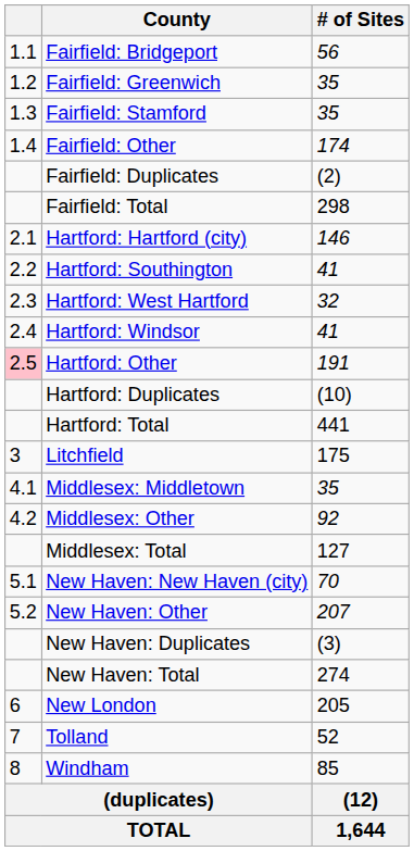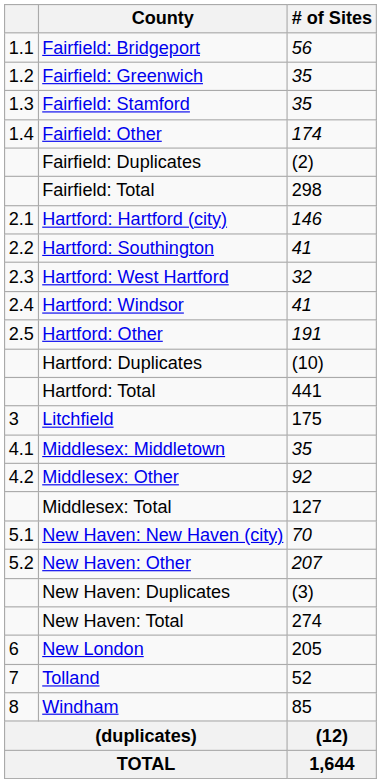 <table class="wikitable sortable">
 <tr>
 <th></th>
 <th><strong>County</strong></th>
 <th><strong># of Sites</strong></th>
 </tr>
 <tr ->
 <td>1.1</td>
 <td><a href='#'>Fairfield: Bridgeport</a></td>
 <td><em>56</em></td>
 </tr>
 <tr ->
 <td>1.2</td>
 <td><a href='#'>Fairfield: Greenwich</a></td>
 <td><em>35</em></td>
 </tr>
 <tr ->
 <td>1.3</td>
 <td><a href='#'>Fairfield: Stamford</a></td>
 <td><em>35</em></td>
 </tr>
 <tr ->
 <td>1.4</td>
 <td><a href='#'>Fairfield: Other</a></td>
 <td><em>174</em></td>
 </tr>
 <tr ->
 <td></td>
 <td>Fairfield: Duplicates</td>
 <td>(2)</td>
 </tr>
 <tr ->
 <td></td>
 <td>Fairfield: Total</td>
 <td>298</td>
 </tr>
 <tr ->
 <td>2.1</td>
 <td><a href='#'>Hartford: Hartford (city)</a></td>
 <td><em>146</em></td>
 </tr>
 <tr ->
 <td>2.2</td>
 <td><a href='#'>Hartford: Southington</a></td>
 <td><em>41</em></td>
 </tr>
 <tr ->
 <td>2.3</td>
 <td><a href='#'>Hartford: West Hartford</a></td>
 <td><em>32</em></td>
 </tr>
 <tr ->
 <td>2.4</td>
 <td><a href='#'>Hartford: Windsor</a></td>
 <td><em>41</em></td>
 </tr>
 <tr ->
-<td style="background: pink;">2.5</td>
+<td>2.5</td>
 <td><a href='#'>Hartford: Other</a></td>
 <td><em>191</em></td>
 </tr>
 <tr ->
 <td></td>
 <td>Hartford: Duplicates</td>
 <td>(10)</td>
 </tr>
 <tr ->
 <td></td>
 <td>Hartford: Total</td>
 <td>441</td>
 </tr>
 <tr ->
 <td>3</td>
 <td><a href='#'>Litchfield</a></td>
 <td>175</td>
 </tr>
 <tr ->
 <td>4.1</td>
 <td><a href='#'>Middlesex: Middletown</a></td>
 <td><em>35</em></td>
 </tr>
 <tr ->
 <td>4.2</td>
 <td><a href='#'>Middlesex: Other</a></td>
 <td><em>92</em></td>
 </tr>
 <tr ->
 <td></td>
 <td>Middlesex: Total</td>
 <td>127</td>
 </tr>
 <tr ->
 <td>5.1</td>
 <td><a href='#'>New Haven: New Haven (city)</a></td>
 <td><em>70</em></td>
 </tr>
 <tr ->
 <td>5.2</td>
 <td><a href='#'>New Haven: Other</a></td>
 <td><em>207</em></td>
 </tr>
 <tr ->
 <td></td>
 <td>New Haven: Duplicates</td>
 <td>(3)</td>
 </tr>
 <tr ->
 <td></td>
 <td>New Haven: Total</td>
 <td>274</td>
 </tr>
 <tr ->
 <td>6</td>
 <td><a href='#'>New London</a></td>
 <td>205</td>
 </tr>
 <tr ->
 <td>7</td>
 <td><a href='#'>Tolland</a></td>
 <td>52</td>
 </tr>
 <tr ->
 <td>8</td>
 <td><a href='#'>Windham</a></td>
 <td>85</td>
 </tr>
 <tr class="sortbottom">
 <th colspan="2">(duplicates)</th>
 <th>(12)</th>
 </tr>
 <tr class="sortbottom">
 <th colspan="2">TOTAL</th>
 <th>1,644</th>
 </tr>
 </table>
